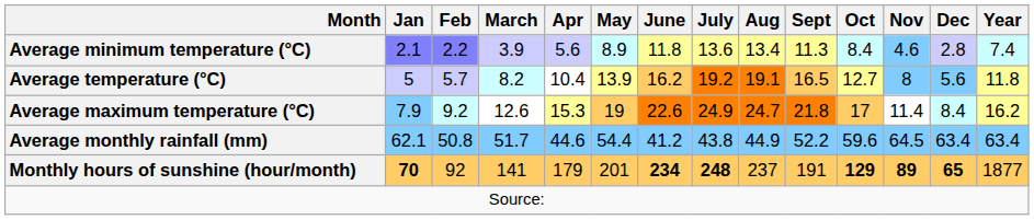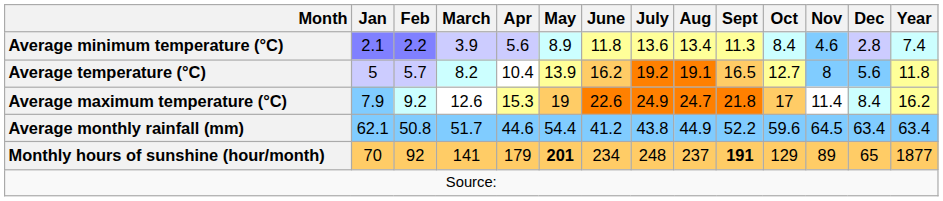 <table width="50%" class="wikitable" style="text-align:center;font-size:87%;line-height:120%">
 <tr>
 <th style="text-align:right">Month</th>
 <th>Jan</th>
 <th>Feb</th>
 <th>March</th>
 <th>Apr</th>
 <th>May</th>
 <th>June</th>
 <th>July</th>
 <th>Aug</th>
 <th>Sept</th>
 <th>Oct</th>
 <th>Nov</th>
 <th>Dec</th>
 <th>Year</th>
 </tr>
 <tr>
 <th style="text-align:left">Average minimum temperature (°C)</th>
 <td style="background:#8080FF">2.1</td>
 <td style="background:#8080FF">2.2</td>
 <td style="background:#CCCCFF">3.9</td>
 <td style="background:#CCCCFF">5.6</td>
 <td style="background:#CCFFFF">8.9</td>
 <td style="background:#FFFF99">11.8</td>
 <td style="background:#FFFF99">13.6</td>
 <td style="background:#FFFF99">13.4</td>
 <td style="background:#FFFF99">11.3</td>
 <td style="background:#CCFFFF">8.4</td>
 <td style="background:#80CCFF">4.6</td>
 <td style="background:#CCCCFF">2.8</td>
 <td style="background:#CCFFFF">7.4</td>
 </tr>
 <tr>
 <th style="text-align:left">Average temperature (°C)</th>
 <td style="background:#CCCCFF">5</td>
 <td style="background:#CCCCFF">5.7</td>
 <td style="background:#CCFFFF">8.2</td>
 <td style="background:#FFFFFF">10.4</td>
 <td style="background:#FFFF99">13.9</td>
 <td style="background:#FFCC66">16.2</td>
 <td style="background:#FF8000">19.2</td>
 <td style="background:#FF8000">19.1</td>
 <td style="background:#FFCC66">16.5</td>
 <td style="background:#FFFF99">12.7</td>
 <td style="background:#80CCFF">8</td>
 <td style="background:#80CCFF">5.6</td>
 <td style="background:#FFFF99">11.8</td>
 </tr>
 <tr>
 <th style="text-align:left">Average maximum temperature (°C)</th>
 <td style="background:#80CCFF">7.9</td>
 <td style="background:#CCFFFF">9.2</td>
 <td style="background:#FFFFFF">12.6</td>
 <td style="background:#FFFF99">15.3</td>
 <td style="background:#FFCC66">19</td>
 <td style="background:#FF8000">22.6</td>
 <td style="background:#FF8000">24.9</td>
 <td style="background:#FF8000">24.7</td>
 <td style="background:#FF8000">21.8</td>
 <td style="background:#FFCC66">17</td>
 <td style="background:#FFFFFF">11.4</td>
 <td style="background:#CCFFFF">8.4</td>
 <td style="background:#FFFF99">16.2</td>
 </tr>
 <tr>
 <th style="text-align:left">Average monthly rainfall (mm)</th>
 <td style="background:#80CCFF">62.1</td>
 <td style="background:#80CCFF">50.8</td>
 <td style="background:#80CCFF">51.7</td>
 <td style="background:#80CCFF">44.6</td>
 <td style="background:#80CCFF">54.4</td>
 <td style="background:#80CCFF">41.2</td>
 <td style="background:#80CCFF">43.8</td>
 <td style="background:#80CCFF">44.9</td>
 <td style="background:#80CCFF">52.2</td>
 <td style="background:#80CCFF">59.6</td>
 <td style="background:#80CCFF">64.5</td>
 <td style="background:#80CCFF">63.4</td>
 <td style="background:#80CCFF">63.4</td>
 </tr>
 <tr>
 <th style="text-align:left">Monthly hours of sunshine (hour/month)</th>
-<td style="background:#FFCC66"><strong>70</strong></td>
+<td style="background:#FFCC66">70</td>
 <td style="background:#FFCC66">92</td>
 <td style="background:#FFCC66">141</td>
 <td style="background:#FFCC66">179</td>
-<td style="background:#FFCC66">201</td>
-<td style="background:#FFCC66"><strong>234</strong></td>
-<td style="background:#FFCC66"><strong>248</strong></td>
+<td style="background:#FFCC66"><strong>201</strong></td>
+<td style="background:#FFCC66">234</td>
+<td style="background:#FFCC66">248</td>
 <td style="background:#FFCC66">237</td>
-<td style="background:#FFCC66">191</td>
-<td style="background:#FFCC66"><strong>129</strong></td>
-<td style="background:#FFCC66"><strong>89</strong></td>
-<td style="background:#FFCC66"><strong>65</strong></td>
+<td style="background:#FFCC66"><strong>191</strong></td>
+<td style="background:#FFCC66">129</td>
+<td style="background:#FFCC66">89</td>
+<td style="background:#FFCC66">65</td>
 <td style="background:#FFCC66">1877</td>
 </tr>
 <tr>
 <td colspan="14" style="font-size:90%;text-align:center">Source:</td>
 </tr>
 </table>
